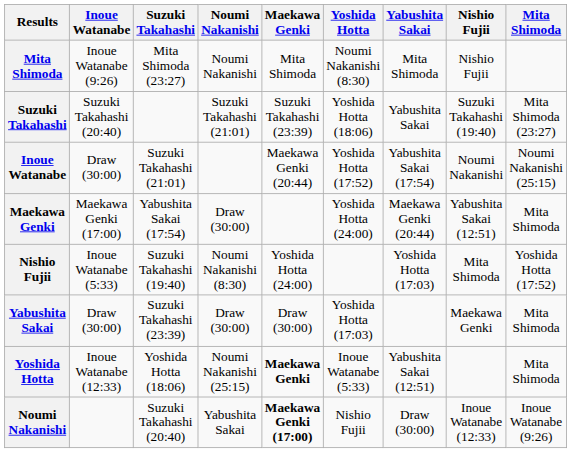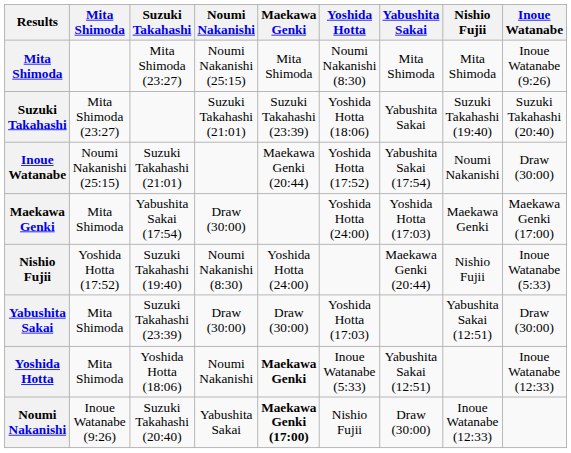 <table class="wikitable" style="text-align:center; margin: 1em auto 1em auto">
 <tr>
 <th>Results</th>
-<th><a href='#'>Inoue</a><br>Watanabe</th>
+<th><a href='#'>Mita</a><br><a href='#'>Shimoda</a></th>
 <th>Suzuki<br><a href='#'>Takahashi</a></th>
 <th>Noumi<br><a href='#'>Nakanishi</a></th>
 <th>Maekawa<br><a href='#'>Genki</a></th>
 <th><a href='#'>Yoshida</a><br><a href='#'>Hotta</a></th>
 <th><a href='#'>Yabushita</a><br><a href='#'>Sakai</a></th>
 <th>Nishio<br>Fujii</th>
-<th><a href='#'>Mita</a><br><a href='#'>Shimoda</a></th>
+<th><a href='#'>Inoue</a><br>Watanabe</th>
 </tr>
 <tr>
 <th><a href='#'>Mita</a><br><a href='#'>Shimoda</a></th>
-<td>Inoue<br>Watanabe<br>(9:26)</td>
+<td></td>
 <td>Mita<br>Shimoda<br>(23:27)</td>
-<td>Noumi<br>Nakanishi</td>
+<td>Noumi<br>Nakanishi<br>(25:15)</td>
 <td>Mita<br>Shimoda</td>
 <td>Noumi<br>Nakanishi<br>(8:30)</td>
 <td>Mita<br>Shimoda</td>
-<td>Nishio<br>Fujii</td>
-<td></td>
+<td>Mita<br>Shimoda</td>
+<td>Inoue<br>Watanabe<br>(9:26)</td>
 </tr>
 <tr>
 <th>Suzuki<br><a href='#'>Takahashi</a></th>
-<td>Suzuki<br>Takahashi<br>(20:40)</td>
+<td>Mita<br>Shimoda<br>(23:27)</td>
 <td></td>
 <td>Suzuki<br>Takahashi<br>(21:01)</td>
 <td>Suzuki<br>Takahashi<br>(23:39)</td>
 <td>Yoshida<br>Hotta<br>(18:06)</td>
 <td>Yabushita<br>Sakai</td>
 <td>Suzuki<br>Takahashi<br>(19:40)</td>
-<td>Mita<br>Shimoda<br>(23:27)</td>
+<td>Suzuki<br>Takahashi<br>(20:40)</td>
 </tr>
 <tr>
 <th><a href='#'>Inoue</a><br>Watanabe</th>
-<td>Draw<br>(30:00)</td>
+<td>Noumi<br>Nakanishi<br>(25:15)</td>
 <td>Suzuki<br>Takahashi<br>(21:01)</td>
 <td></td>
 <td>Maekawa<br>Genki<br>(20:44)</td>
 <td>Yoshida<br>Hotta<br>(17:52)</td>
 <td>Yabushita<br>Sakai<br>(17:54)</td>
 <td>Noumi<br>Nakanishi</td>
-<td>Noumi<br>Nakanishi<br>(25:15)</td>
+<td>Draw<br>(30:00)</td>
 </tr>
 <tr>
 <th>Maekawa<br><a href='#'>Genki</a></th>
-<td>Maekawa<br>Genki<br>(17:00)</td>
+<td>Mita<br>Shimoda</td>
 <td>Yabushita<br>Sakai<br>(17:54)</td>
 <td>Draw<br>(30:00)</td>
 <td></td>
 <td>Yoshida<br>Hotta<br>(24:00)</td>
-<td>Maekawa<br>Genki<br>(20:44)</td>
-<td>Yabushita<br>Sakai<br>(12:51)</td>
-<td>Mita<br>Shimoda</td>
+<td>Yoshida<br>Hotta<br>(17:03)</td>
+<td>Maekawa<br>Genki</td>
+<td>Maekawa<br>Genki<br>(17:00)</td>
 </tr>
 <tr>
 <th>Nishio<br>Fujii</th>
-<td>Inoue<br>Watanabe<br>(5:33)</td>
+<td>Yoshida<br>Hotta<br>(17:52)</td>
 <td>Suzuki<br>Takahashi<br>(19:40)</td>
 <td>Noumi<br>Nakanishi<br>(8:30)</td>
 <td>Yoshida<br>Hotta<br>(24:00)</td>
 <td></td>
-<td>Yoshida<br>Hotta<br>(17:03)</td>
-<td>Mita<br>Shimoda</td>
-<td>Yoshida<br>Hotta<br>(17:52)</td>
+<td>Maekawa<br>Genki<br>(20:44)</td>
+<td>Nishio<br>Fujii</td>
+<td>Inoue<br>Watanabe<br>(5:33)</td>
 </tr>
 <tr>
 <th><a href='#'>Yabushita</a><br><a href='#'>Sakai</a></th>
-<td>Draw<br>(30:00)</td>
+<td>Mita<br>Shimoda</td>
 <td>Suzuki<br>Takahashi<br>(23:39)</td>
 <td>Draw<br>(30:00)</td>
 <td>Draw<br>(30:00)</td>
 <td>Yoshida<br>Hotta<br>(17:03)</td>
 <td></td>
-<td>Maekawa<br>Genki</td>
-<td>Mita<br>Shimoda</td>
+<td>Yabushita<br>Sakai<br>(12:51)</td>
+<td>Draw<br>(30:00)</td>
 </tr>
 <tr>
 <th><a href='#'>Yoshida</a><br><a href='#'>Hotta</a></th>
-<td>Inoue<br>Watanabe<br>(12:33)</td>
+<td>Mita<br>Shimoda</td>
 <td>Yoshida<br>Hotta<br>(18:06)</td>
-<td>Noumi<br>Nakanishi<br>(25:15)</td>
+<td>Noumi<br>Nakanishi</td>
 <td><strong>Maekawa<br>Genki</strong></td>
 <td>Inoue<br>Watanabe<br>(5:33)</td>
 <td>Yabushita<br>Sakai<br>(12:51)</td>
 <td></td>
-<td>Mita<br>Shimoda</td>
+<td>Inoue<br>Watanabe<br>(12:33)</td>
 </tr>
 <tr>
 <th>Noumi<br><a href='#'>Nakanishi</a></th>
-<td></td>
+<td>Inoue<br>Watanabe<br>(9:26)</td>
 <td>Suzuki<br>Takahashi<br>(20:40)</td>
 <td>Yabushita<br>Sakai</td>
 <td><strong>Maekawa<br>Genki<br>(17:00)</strong></td>
 <td>Nishio<br>Fujii</td>
 <td>Draw<br>(30:00)</td>
 <td>Inoue<br>Watanabe<br>(12:33)</td>
-<td>Inoue<br>Watanabe<br>(9:26)</td>
+<td></td>
 </tr>
 </table>
